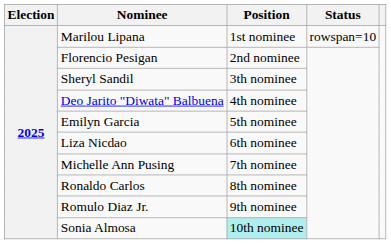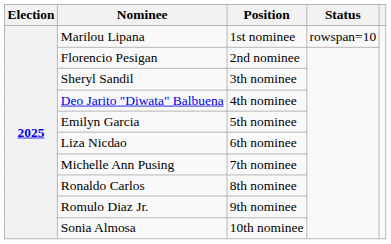 <table class=wikitable style="text-align:rleft">
 <tr>
 <th>Election</th>
 <th>Nominee</th>
 <th>Position</th>
 <th>Status</th>
 <th></th>
 </tr>
 <tr>
 <th rowspan=10><a href='#'>2025</a></th>
 <td>Marilou Lipana</td>
 <td>1st nominee</td>
 <td>rowspan=10 </td>
 <td rowspan=10></td>
 </tr>
 <tr>
 <td>Florencio Pesigan</td>
 <td>2nd nominee</td>
 </tr>
 <tr>
 <td>Sheryl Sandil</td>
 <td>3th nominee</td>
 </tr>
 <tr>
 <td><a href='#'>Deo Jarito "Diwata" Balbuena</a></td>
 <td>4th nominee</td>
 </tr>
 <tr>
 <td>Emilyn Garcia</td>
 <td>5th nominee</td>
 </tr>
 <tr>
 <td>Liza Nicdao</td>
 <td>6th nominee</td>
 </tr>
 <tr>
 <td>Michelle Ann Pusing</td>
 <td>7th nominee</td>
 </tr>
 <tr>
 <td>Ronaldo Carlos</td>
 <td>8th nominee</td>
 </tr>
 <tr>
 <td>Romulo Diaz Jr.</td>
 <td>9th nominee</td>
 </tr>
 <tr>
 <td>Sonia Almosa</td>
-<td style="background: paleturquoise;">10th nominee</td>
+<td>10th nominee</td>
 </tr>
 </table>
